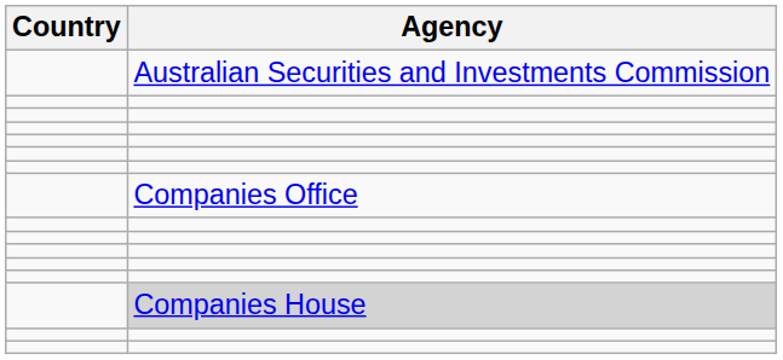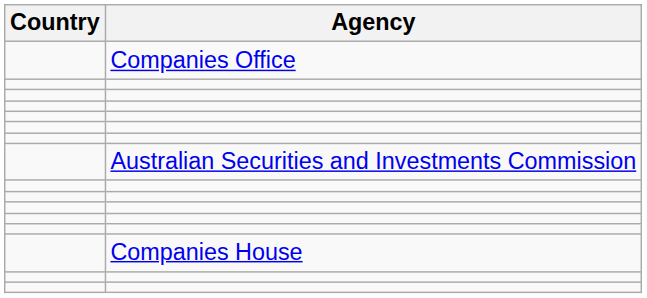 <table class="wikitable">
 <tr>
 <th>Country</th>
 <th>Agency</th>
+</tr>
+<tr>
+<td></td>
+<td><a href='#'>Companies Office</a></td>
+</tr>
+<tr>
+<td></td>
+<td></td>
+</tr>
+<tr>
+<td></td>
+<td></td>
+</tr>
+<tr>
+<td></td>
+<td></td>
+</tr>
+<tr>
+<td></td>
+<td></td>
+</tr>
+<tr>
+<td></td>
+<td></td>
+</tr>
+<tr>
+<td></td>
+<td></td>
 </tr>
 <tr>
 <td></td>
 <td><a href='#'>Australian Securities and Investments Commission</a></td>
 </tr>
 <tr>
 <td></td>
 <td></td>
 </tr>
 <tr>
 <td></td>
 <td></td>
 </tr>
 <tr>
 <td></td>
 <td></td>
 </tr>
 <tr>
 <td></td>
 <td></td>
 </tr>
 <tr>
 <td></td>
 <td></td>
 </tr>
 <tr>
 <td></td>
-<td></td>
-</tr>
-<tr>
-<td></td>
-<td><a href='#'>Companies Office</a></td>
-</tr>
-<tr>
-<td></td>
-<td></td>
-</tr>
-<tr>
-<td></td>
-<td></td>
-</tr>
-<tr>
-<td></td>
-<td></td>
-</tr>
-<tr>
-<td></td>
-<td></td>
-</tr>
-<tr>
-<td></td>
-<td></td>
-</tr>
-<tr>
-<td></td>
-<td style="background: lightgrey;"><a href='#'>Companies House</a></td>
+<td><a href='#'>Companies House</a></td>
 </tr>
 <tr>
 <td></td>
 <td></td>
 </tr>
 <tr>
 <td></td>
 <td></td>
 </tr>
 </table>
